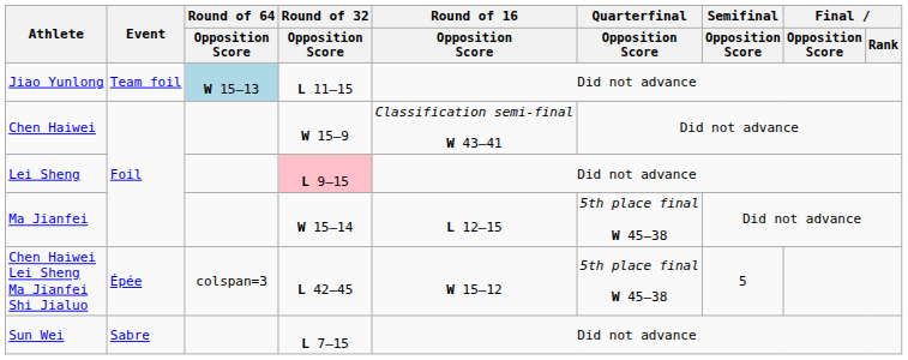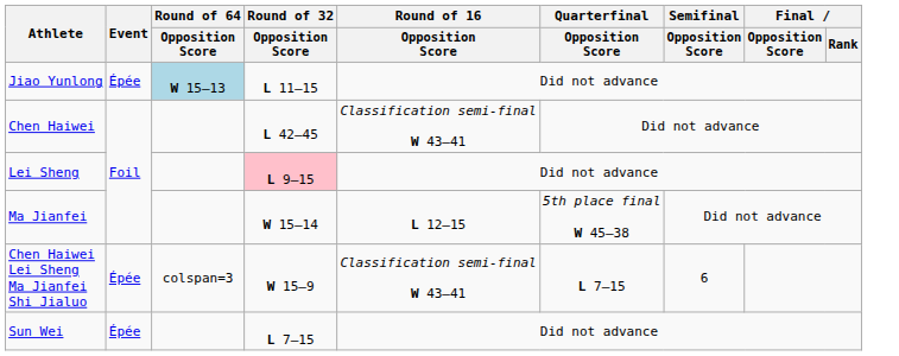 <table class="wikitable" style="font-size:90%">
 <tr>
 <th rowspan=2>Athlete</th>
 <th rowspan=2>Event</th>
 <th>Round of 64</th>
 <th>Round of 32</th>
 <th>Round of 16</th>
 <th>Quarterfinal</th>
 <th>Semifinal</th>
 <th colspan=2>Final / </th>
 </tr>
 <tr style="font-size:95%">
 <th>Opposition<br>Score</th>
 <th>Opposition<br>Score</th>
 <th>Opposition<br>Score</th>
 <th>Opposition<br>Score</th>
 <th>Opposition<br>Score</th>
 <th>Opposition<br>Score</th>
 <th>Rank</th>
 </tr>
 <tr align=center>
 <td align=left><a href='#'>Jiao Yunlong</a></td>
-<td align=left><a href='#'>Team foil</a></td>
+<td align=left><a href='#'>Épée</a></td>
 <td style="background: lightblue;"><br><strong>W</strong> 15–13</td>
 <td><br><strong>L</strong> 11–15</td>
 <td colspan=5>Did not advance</td>
 </tr>
 <tr align=center>
 <td align=left><a href='#'>Chen Haiwei</a></td>
 <td align=left rowspan=3><a href='#'>Foil</a></td>
 <td></td>
-<td><br><strong>W</strong> 15–9</td>
+<td><br><strong>L</strong> 42–45</td>
 <td><em>Classification semi-final</em><br><br><strong>W</strong> 43–41</td>
 <td colspan=4>Did not advance</td>
 </tr>
 <tr align=center>
 <td align=left><a href='#'>Lei Sheng</a></td>
 <td></td>
 <td style="background: pink;"><br><strong>L</strong> 9–15</td>
 <td colspan=5>Did not advance</td>
 </tr>
 <tr align=center>
 <td align=left><a href='#'>Ma Jianfei</a></td>
 <td></td>
 <td><br><strong>W</strong> 15–14</td>
 <td><br><strong>L</strong> 12–15</td>
 <td><em>5th place final</em><br><br><strong>W</strong> 45–38</td>
 <td colspan=3>Did not advance</td>
 </tr>
 <tr align=center>
 <td align=left><a href='#'>Chen Haiwei</a><br><a href='#'>Lei Sheng</a><br><a href='#'>Ma Jianfei</a><br><a href='#'>Shi Jialuo</a></td>
 <td align=left><a href='#'>Épée</a></td>
 <td>colspan=3 </td>
-<td><br><strong>L</strong> 42–45</td>
-<td><br><strong>W</strong> 15–12</td>
-<td><em>5th place final</em><br><br><strong>W</strong> 45–38</td>
-<td>5</td>
+<td><br><strong>W</strong> 15–9</td>
+<td><em>Classification semi-final</em><br><br><strong>W</strong> 43–41</td>
+<td><br><strong>L</strong> 7–15</td>
+<td>6</td>
 </tr>
 <tr align=center>
 <td align=left><a href='#'>Sun Wei</a></td>
-<td align=left><a href='#'>Sabre</a></td>
+<td align=left><a href='#'>Épée</a></td>
 <td></td>
 <td><br><strong>L</strong> 7–15</td>
 <td colspan=5>Did not advance</td>
 </tr>
 </table>
